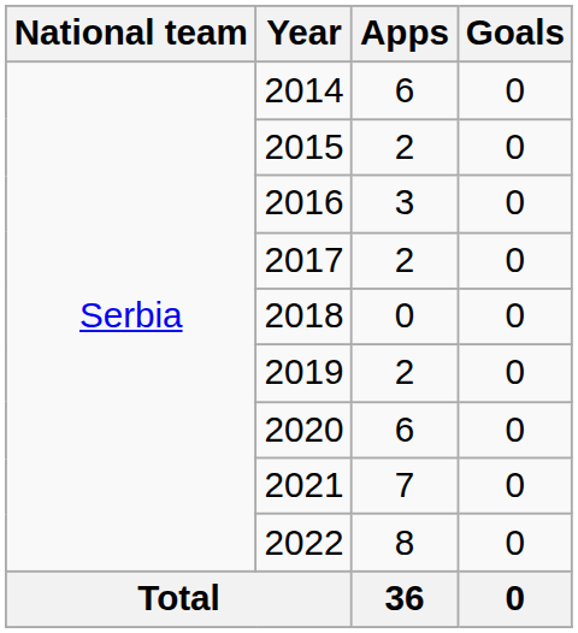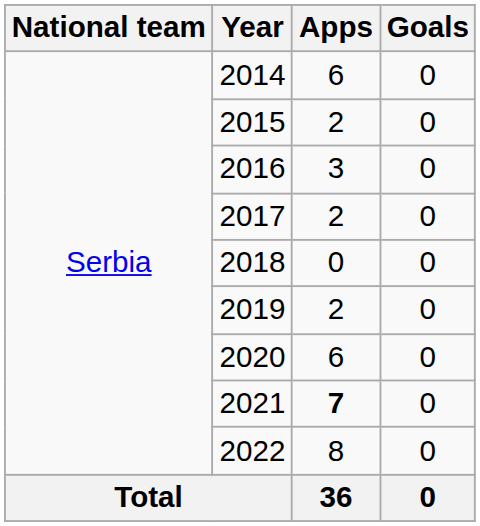 <table class="wikitable" style="text-align:center">
 <tr>
 <th>National team</th>
 <th>Year</th>
 <th>Apps</th>
 <th>Goals</th>
 </tr>
 <tr>
 <td rowspan="9"><a href='#'>Serbia</a></td>
 <td>2014</td>
 <td>6</td>
 <td>0</td>
 </tr>
 <tr>
 <td>2015</td>
 <td>2</td>
 <td>0</td>
 </tr>
 <tr>
 <td>2016</td>
 <td>3</td>
 <td>0</td>
 </tr>
 <tr>
 <td>2017</td>
 <td>2</td>
 <td>0</td>
 </tr>
 <tr>
 <td>2018</td>
 <td>0</td>
 <td>0</td>
 </tr>
 <tr>
 <td>2019</td>
 <td>2</td>
 <td>0</td>
 </tr>
 <tr>
 <td>2020</td>
 <td>6</td>
 <td>0</td>
 </tr>
 <tr>
 <td>2021</td>
-<td>7</td>
+<td><strong>7</strong></td>
 <td>0</td>
 </tr>
 <tr>
 <td>2022</td>
 <td>8</td>
 <td>0</td>
 </tr>
 <tr>
 <th colspan="2">Total</th>
 <th>36</th>
 <th>0</th>
 </tr>
 </table>
